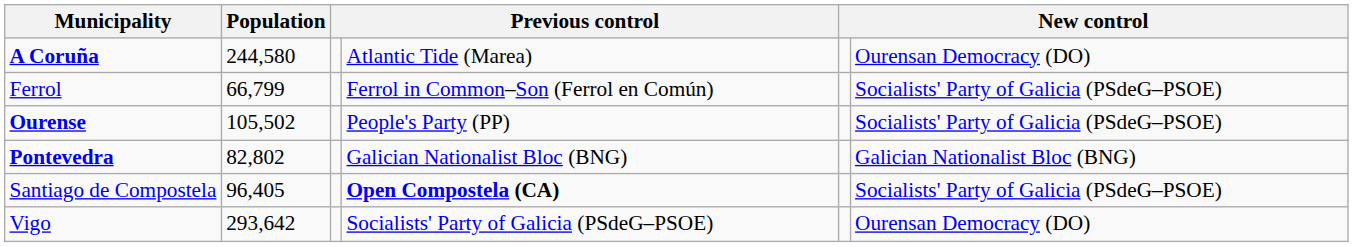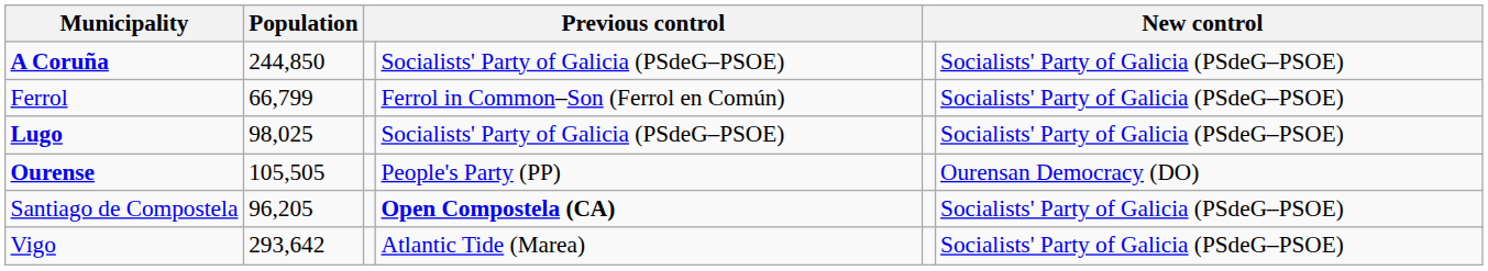 <table class="wikitable sortable">
 <tr>
 <th>Municipality</th>
 <th>Population</th>
 <th colspan="2" style="width:375px;">Previous control</th>
 <th colspan="2" style="width:375px;">New control</th>
 </tr>
 <tr>
 <td><strong><a href='#'>A Coruña</a></strong></td>
-<td>244,580</td>
+<td>244,850</td>
 <td width="1" style="color:inherit;background:"></td>
-<td><a href='#'>Atlantic Tide</a> (Marea)</td>
+<td><a href='#'>Socialists' Party of Galicia</a> (PSdeG–PSOE)</td>
 <td width="1" style="color:inherit;background:"></td>
-<td><a href='#'>Ourensan Democracy</a> (DO)</td>
+<td><a href='#'>Socialists' Party of Galicia</a> (PSdeG–PSOE)</td>
 </tr>
 <tr>
 <td><a href='#'>Ferrol</a></td>
 <td>66,799</td>
 <td style="color:inherit;background:"></td>
 <td><a href='#'>Ferrol in Common</a>–<a href='#'>Son</a> (Ferrol en Común)</td>
 <td style="color:inherit;background:"></td>
 <td><a href='#'>Socialists' Party of Galicia</a> (PSdeG–PSOE)</td>
 </tr>
 <tr>
-<td><strong><a href='#'>Ourense</a></strong></td>
-<td>105,502</td>
+<td><strong><a href='#'>Lugo</a></strong></td>
+<td>98,025</td>
 <td style="color:inherit;background:"></td>
-<td><a href='#'>People's Party</a> (PP)</td>
+<td><a href='#'>Socialists' Party of Galicia</a> (PSdeG–PSOE)</td>
 <td style="color:inherit;background:"></td>
 <td><a href='#'>Socialists' Party of Galicia</a> (PSdeG–PSOE)</td>
 </tr>
 <tr>
-<td><strong><a href='#'>Pontevedra</a></strong></td>
-<td>82,802</td>
+<td><strong><a href='#'>Ourense</a></strong></td>
+<td>105,505</td>
 <td style="color:inherit;background:"></td>
-<td><a href='#'>Galician Nationalist Bloc</a> (BNG)</td>
+<td><a href='#'>People's Party</a> (PP)</td>
 <td style="color:inherit;background:"></td>
-<td><a href='#'>Galician Nationalist Bloc</a> (BNG)</td>
+<td><a href='#'>Ourensan Democracy</a> (DO)</td>
 </tr>
 <tr>
 <td><a href='#'>Santiago de Compostela</a></td>
-<td>96,405</td>
+<td>96,205</td>
 <td style="color:inherit;background:"></td>
 <td><strong><a href='#'>Open Compostela</a> (CA)</strong></td>
 <td style="color:inherit;background:"></td>
 <td><a href='#'>Socialists' Party of Galicia</a> (PSdeG–PSOE)</td>
 </tr>
 <tr>
 <td><a href='#'>Vigo</a></td>
 <td>293,642</td>
 <td style="color:inherit;background:"></td>
+<td><a href='#'>Atlantic Tide</a> (Marea)</td>
+<td style="color:inherit;background:"></td>
 <td><a href='#'>Socialists' Party of Galicia</a> (PSdeG–PSOE)</td>
-<td style="color:inherit;background:"></td>
-<td><a href='#'>Ourensan Democracy</a> (DO)</td>
 </tr>
 </table>
